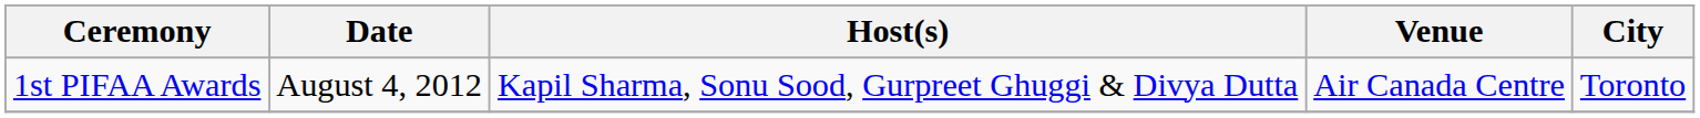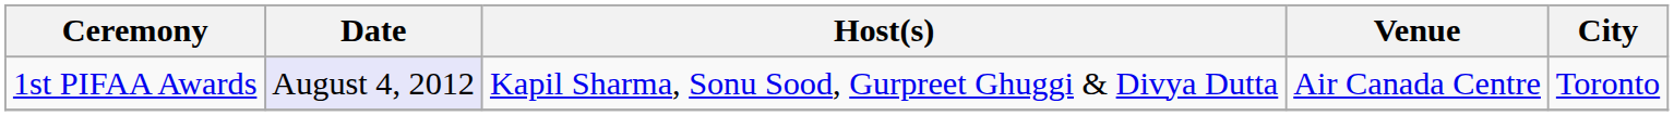 <table class="sortable wikitable" style="text-align: center">
 <tr>
 <th>Ceremony</th>
 <th>Date</th>
 <th>Host(s)</th>
 <th>Venue</th>
 <th>City</th>
 </tr>
 <tr>
 <td><a href='#'>1st PIFAA Awards</a></td>
-<td>August 4, 2012</td>
+<td style="background: lavender;">August 4, 2012</td>
 <td><a href='#'>Kapil Sharma</a>, <a href='#'>Sonu Sood</a>, <a href='#'>Gurpreet Ghuggi</a> & <a href='#'>Divya Dutta</a></td>
 <td><a href='#'>Air Canada Centre</a></td>
 <td> <a href='#'>Toronto</a></td>
 </tr>
 <tr>
 </tr>
 </table>
